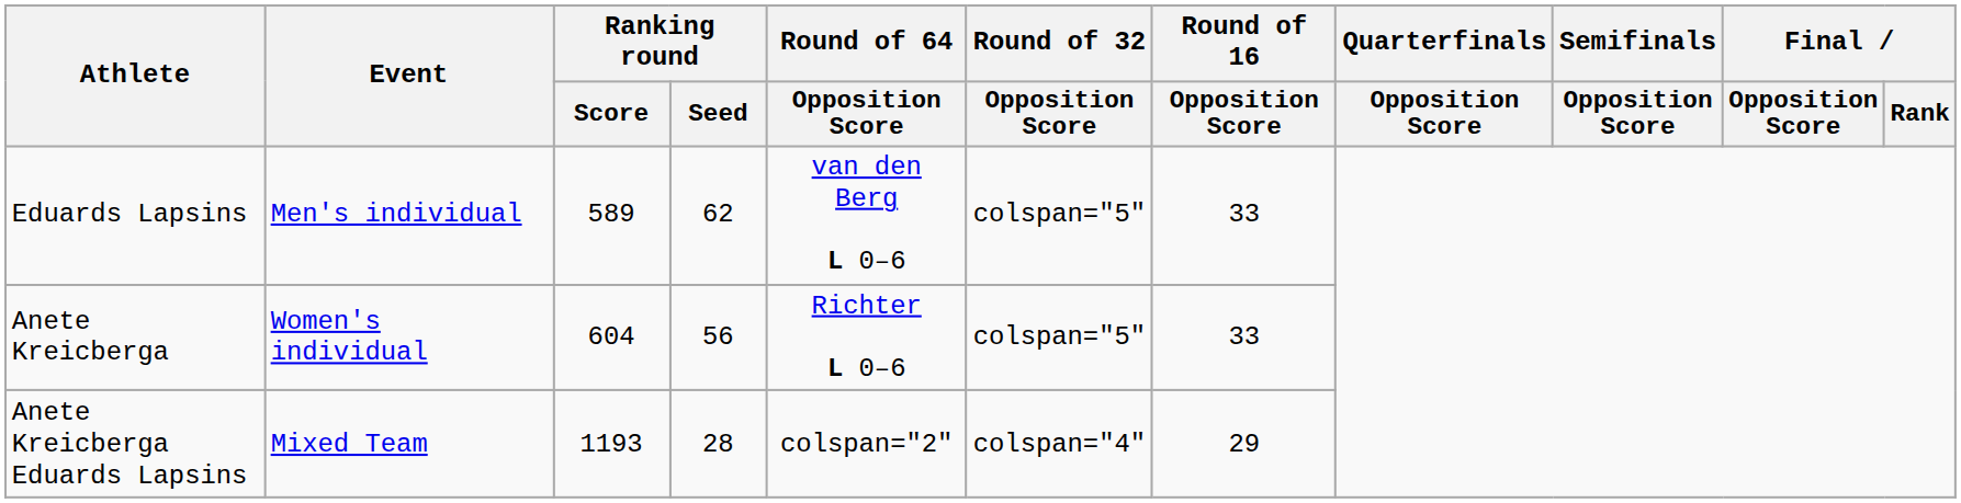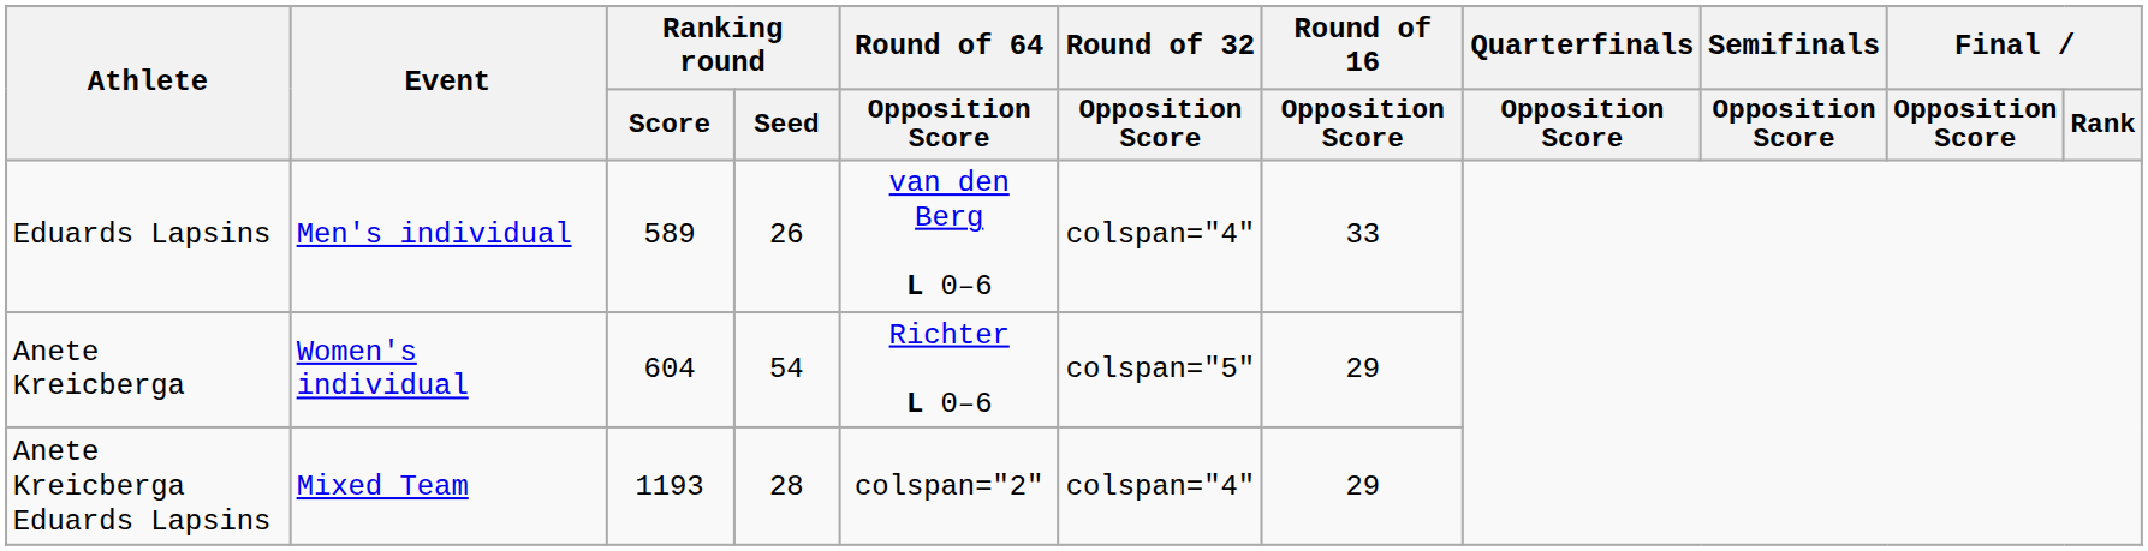 <table class="wikitable" style="font-size:90%">
 <tr>
 <th rowspan=2>Athlete</th>
 <th rowspan=2>Event</th>
 <th colspan=2>Ranking round</th>
 <th>Round of 64</th>
 <th>Round of 32</th>
 <th>Round of 16</th>
 <th>Quarterfinals</th>
 <th>Semifinals</th>
 <th colspan=2>Final / </th>
 </tr>
 <tr style="font-size:95%">
 <th>Score</th>
 <th>Seed</th>
 <th>Opposition<br>Score</th>
 <th>Opposition<br>Score</th>
 <th>Opposition<br>Score</th>
 <th>Opposition<br>Score</th>
 <th>Opposition<br>Score</th>
 <th>Opposition<br>Score</th>
 <th>Rank</th>
 </tr>
 <tr align=center>
 <td align=left>Eduards Lapsins</td>
 <td align=left><a href='#'>Men's individual</a></td>
 <td>589</td>
-<td>62</td>
+<td>26</td>
 <td><a href='#'>van den Berg</a><br><br> <strong>L</strong> 0–6</td>
-<td>colspan="5" </td>
+<td>colspan="4" </td>
 <td>33</td>
 </tr>
 <tr align=center>
 <td align=left>Anete Kreicberga</td>
 <td align=left><a href='#'>Women's individual</a></td>
 <td>604</td>
-<td>56</td>
+<td>54</td>
 <td><a href='#'>Richter</a><br><br> <strong>L</strong> 0–6</td>
 <td>colspan="5" </td>
-<td>33</td>
+<td>29</td>
 </tr>
 <tr align=center>
 <td align=left>Anete Kreicberga<br>Eduards Lapsins</td>
 <td align=left><a href='#'>Mixed Team</a></td>
 <td>1193</td>
 <td>28</td>
 <td>colspan="2" </td>
 <td>colspan="4" </td>
 <td>29</td>
 </tr>
 </table>
